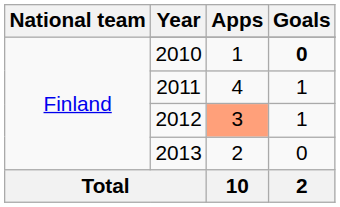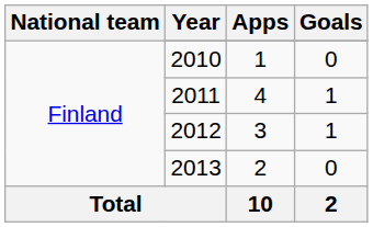 <table class="wikitable" style="text-align:center">
 <tr>
 <th>National team</th>
 <th>Year</th>
 <th>Apps</th>
 <th>Goals</th>
 </tr>
 <tr>
 <td rowspan="5"><a href='#'>Finland</a></td>
 </tr>
 <tr>
 <td>2010</td>
 <td>1</td>
-<td><strong>0</strong></td>
+<td>0</td>
 </tr>
 <tr>
 <td>2011</td>
 <td>4</td>
 <td>1</td>
 </tr>
 <tr>
 <td>2012</td>
-<td style="background: lightsalmon;">3</td>
+<td>3</td>
 <td>1</td>
 </tr>
 <tr>
 <td>2013</td>
 <td>2</td>
 <td>0</td>
 </tr>
 <tr>
 <th colspan=2>Total</th>
 <th>10</th>
 <th>2</th>
 </tr>
 </table>
